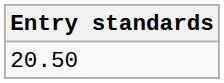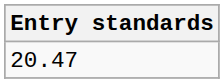 <table class="wikitable" border="1" align="upright">
 <tr>
 <th>Entry standards</th>
 </tr>
 <tr>
-<td>20.50</td>
+<td>20.47</td>
 </tr>
 </table>
